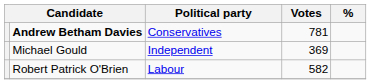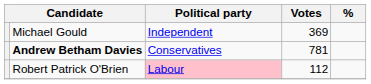 <table class="wikitable">
 <tr>
 <th valign=top colspan="2" style="width: 180px">Candidate</th>
 <th valign=top style="width: 180px">Political party</th>
 <th valign=top style="width: 60px">Votes</th>
 <th valign=top style="width: 40px">%</th>
+</tr>
+<tr>
+<th style="background-color: "></th>
+<td>Michael Gould</td>
+<td><a href='#'>Independent</a></td>
+<td align="right">369</td>
+<td align="right"></td>
 </tr>
 <tr>
 <th style="background-color: "></th>
 <td><strong>Andrew Betham Davies</strong></td>
 <td><a href='#'>Conservatives</a></td>
 <td align="right">781</td>
 <td align="right"></td>
 </tr>
 <tr>
 <th style="background-color: "></th>
-<td>Michael Gould</td>
-<td><a href='#'>Independent</a></td>
-<td align="right">369</td>
-<td align="right"></td>
-</tr>
-<tr>
-<th style="background-color: "></th>
 <td>Robert Patrick O'Brien</td>
-<td><a href='#'>Labour</a></td>
-<td align="right">582</td>
+<td style="background: pink;"><a href='#'>Labour</a></td>
+<td align="right">112</td>
 <td align="right"></td>
 </tr>
 <tr>
 </tr>
 </table>
